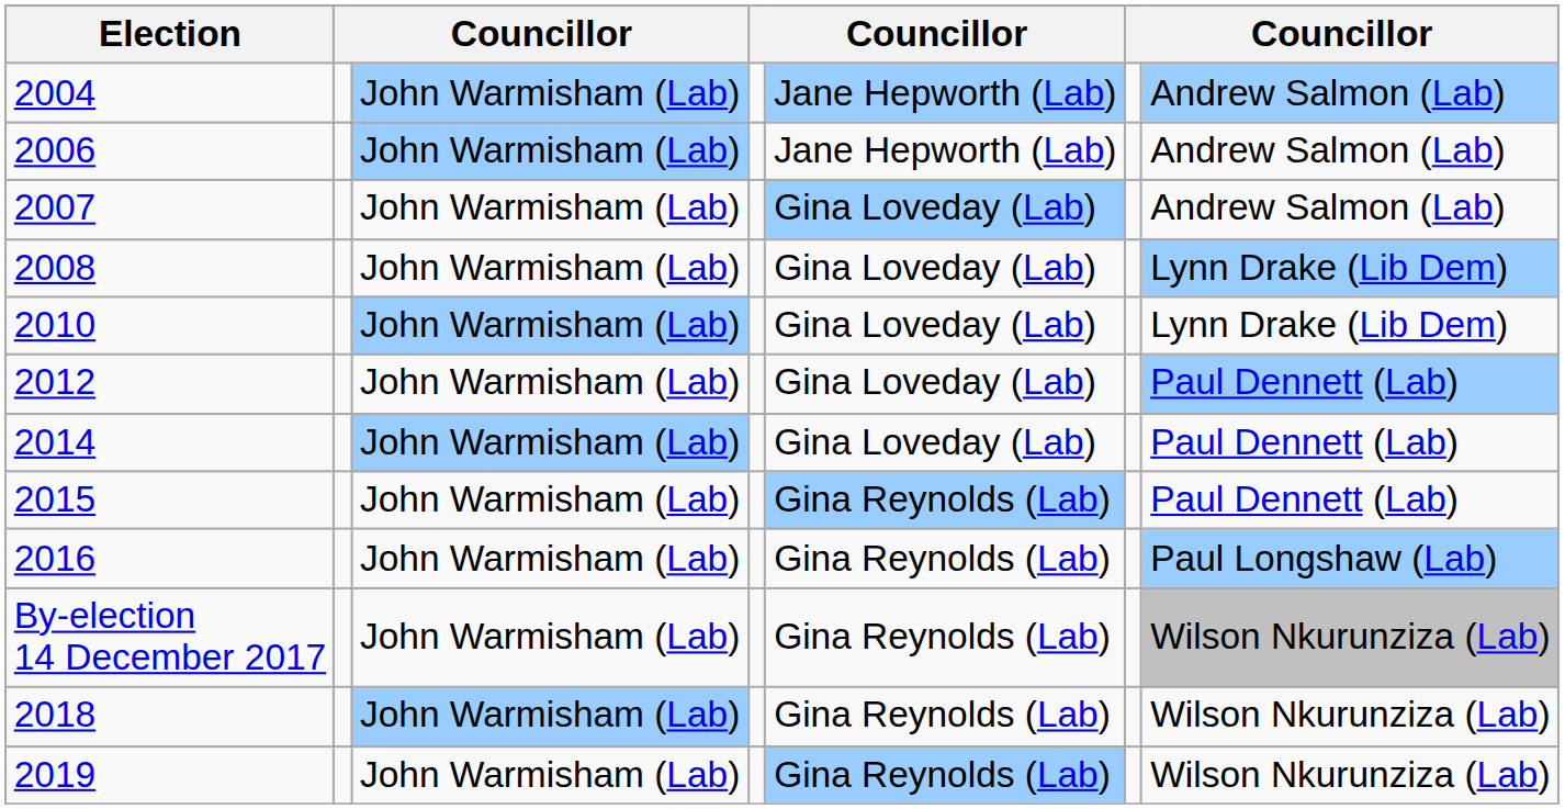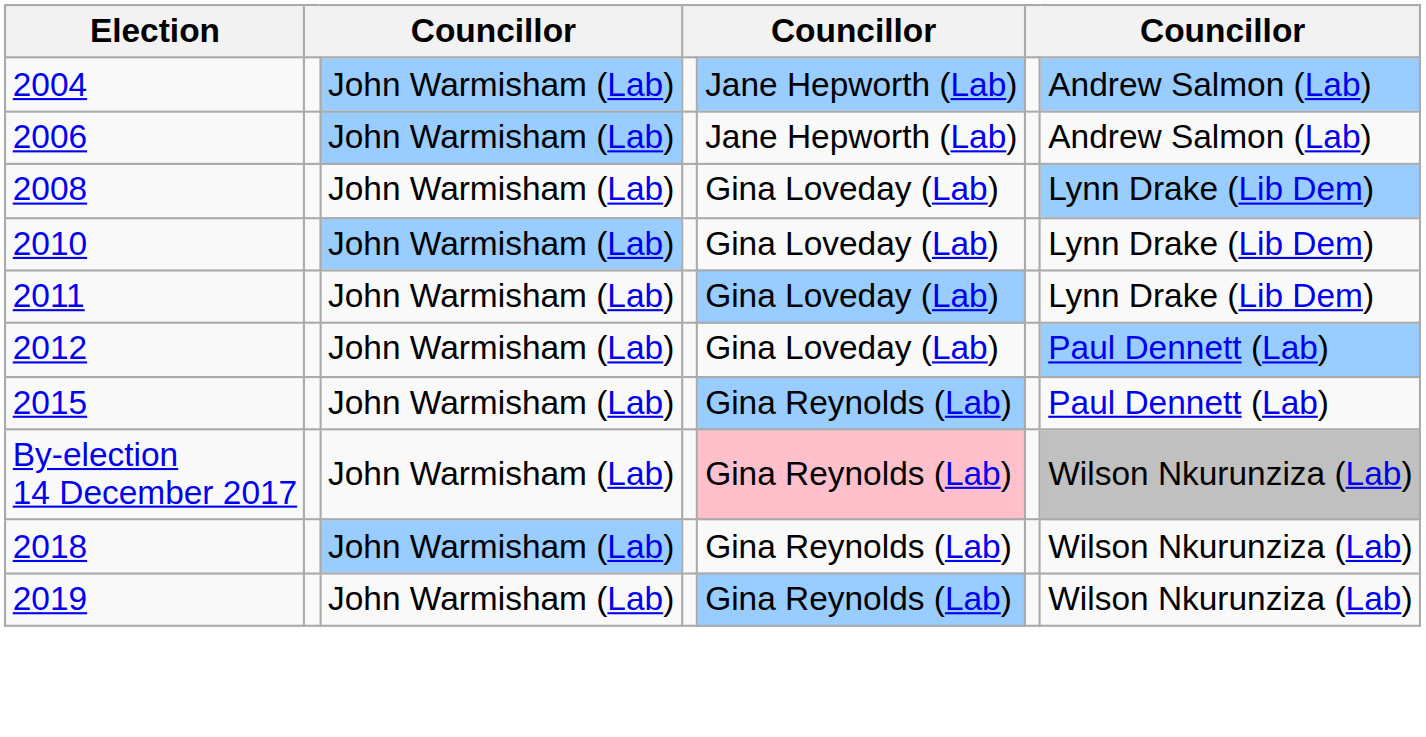 <table class="wikitable">
 <tr>
 <th>Election</th>
 <th colspan="2">Councillor</th>
 <th colspan="2">Councillor</th>
 <th colspan="2">Councillor</th>
 </tr>
 <tr>
 <td><a href='#'>2004</a></td>
 <td style="background-color: "></td>
 <td bgcolor="#99CCFF">John Warmisham (<a href='#'>Lab</a>)</td>
 <td style="background-color: "></td>
 <td bgcolor="#99CCFF">Jane Hepworth (<a href='#'>Lab</a>)</td>
 <td style="background-color: "></td>
 <td bgcolor="#99CCFF">Andrew Salmon (<a href='#'>Lab</a>)</td>
 </tr>
 <tr>
 <td><a href='#'>2006</a></td>
 <td style="background-color: "></td>
 <td bgcolor="#99CCFF">John Warmisham (<a href='#'>Lab</a>)</td>
 <td style="background-color: "></td>
 <td>Jane Hepworth (<a href='#'>Lab</a>)</td>
 <td style="background-color: "></td>
 <td>Andrew Salmon (<a href='#'>Lab</a>)</td>
 </tr>
 <tr>
-<td><a href='#'>2007</a></td>
-<td style="background-color: "></td>
-<td>John Warmisham (<a href='#'>Lab</a>)</td>
-<td style="background-color: "></td>
-<td bgcolor="#99CCFF">Gina Loveday (<a href='#'>Lab</a>)</td>
-<td style="background-color: "></td>
-<td>Andrew Salmon (<a href='#'>Lab</a>)</td>
-</tr>
-<tr>
 <td><a href='#'>2008</a></td>
 <td style="background-color: "></td>
 <td>John Warmisham (<a href='#'>Lab</a>)</td>
 <td style="background-color: "></td>
 <td>Gina Loveday (<a href='#'>Lab</a>)</td>
 <td style="background-color: "></td>
 <td bgcolor="#99CCFF">Lynn Drake (<a href='#'>Lib Dem</a>)</td>
 </tr>
 <tr>
 <td><a href='#'>2010</a></td>
 <td style="background-color: "></td>
 <td bgcolor="#99CCFF">John Warmisham (<a href='#'>Lab</a>)</td>
 <td style="background-color: "></td>
 <td>Gina Loveday (<a href='#'>Lab</a>)</td>
 <td style="background-color: "></td>
 <td>Lynn Drake (<a href='#'>Lib Dem</a>)</td>
 </tr>
 <tr>
+<td><a href='#'>2011</a></td>
+<td style="background-color: "></td>
+<td>John Warmisham (<a href='#'>Lab</a>)</td>
+<td style="background-color: "></td>
+<td bgcolor="#99CCFF">Gina Loveday (<a href='#'>Lab</a>)</td>
+<td style="background-color: "></td>
+<td>Lynn Drake (<a href='#'>Lib Dem</a>)</td>
+</tr>
+<tr>
 <td><a href='#'>2012</a></td>
 <td style="background-color: "></td>
 <td>John Warmisham (<a href='#'>Lab</a>)</td>
 <td style="background-color: "></td>
 <td>Gina Loveday (<a href='#'>Lab</a>)</td>
 <td style="background-color: "></td>
 <td bgcolor="#99CCFF"><a href='#'>Paul Dennett</a> (<a href='#'>Lab</a>)</td>
-</tr>
-<tr>
-<td><a href='#'>2014</a></td>
-<td style="background-color: "></td>
-<td bgcolor="#99CCFF">John Warmisham (<a href='#'>Lab</a>)</td>
-<td style="background-color: "></td>
-<td>Gina Loveday (<a href='#'>Lab</a>)</td>
-<td style="background-color: "></td>
-<td><a href='#'>Paul Dennett</a> (<a href='#'>Lab</a>)</td>
 </tr>
 <tr>
 <td><a href='#'>2015</a></td>
 <td style="background-color: "></td>
 <td>John Warmisham (<a href='#'>Lab</a>)</td>
 <td style="background-color: "></td>
 <td bgcolor="#99CCFF">Gina Reynolds (<a href='#'>Lab</a>)</td>
 <td style="background-color: "></td>
 <td><a href='#'>Paul Dennett</a> (<a href='#'>Lab</a>)</td>
 </tr>
 <tr>
-<td><a href='#'>2016</a></td>
-<td style="background-color: "></td>
-<td>John Warmisham (<a href='#'>Lab</a>)</td>
-<td style="background-color: "></td>
-<td>Gina Reynolds (<a href='#'>Lab</a>)</td>
-<td style="background-color: "></td>
-<td bgcolor="#99CCFF">Paul Longshaw (<a href='#'>Lab</a>)</td>
-</tr>
-<tr>
 <td><a href='#'>By-election<br>14 December 2017</a></td>
 <td style="background-color: "></td>
 <td>John Warmisham (<a href='#'>Lab</a>)</td>
 <td style="background-color: "></td>
-<td>Gina Reynolds (<a href='#'>Lab</a>)</td>
+<td style="background: pink;">Gina Reynolds (<a href='#'>Lab</a>)</td>
 <td style="background-color: "></td>
 <td bgcolor="#C0C0C0">Wilson Nkurunziza (<a href='#'>Lab</a>)</td>
 </tr>
 <tr>
 <td><a href='#'>2018</a></td>
 <td style="background-color: "></td>
 <td bgcolor="#99CCFF">John Warmisham (<a href='#'>Lab</a>)</td>
 <td style="background-color: "></td>
 <td>Gina Reynolds (<a href='#'>Lab</a>)</td>
 <td style="background-color: "></td>
 <td>Wilson Nkurunziza (<a href='#'>Lab</a>)</td>
 </tr>
 <tr>
 <td><a href='#'>2019</a></td>
 <td style="background-color: "></td>
 <td>John Warmisham (<a href='#'>Lab</a>)</td>
 <td style="background-color: "></td>
 <td bgcolor="#99CCFF">Gina Reynolds (<a href='#'>Lab</a>)</td>
 <td style="background-color: "></td>
 <td>Wilson Nkurunziza (<a href='#'>Lab</a>)</td>
 </tr>
 </table>
